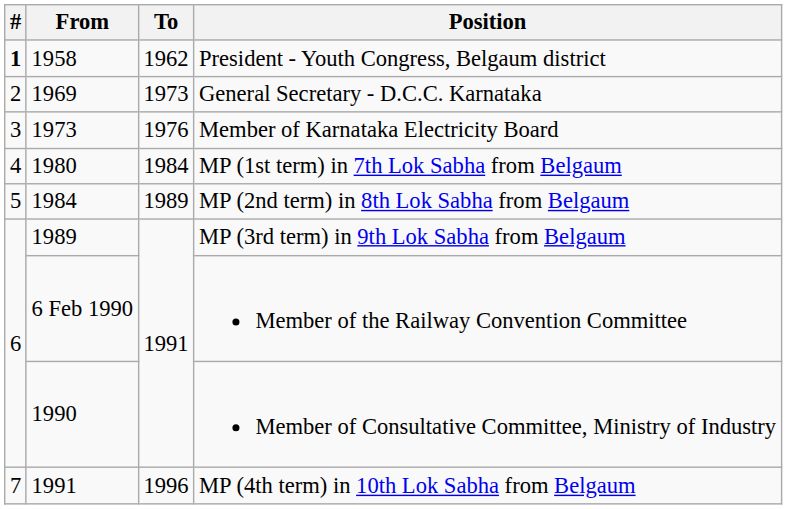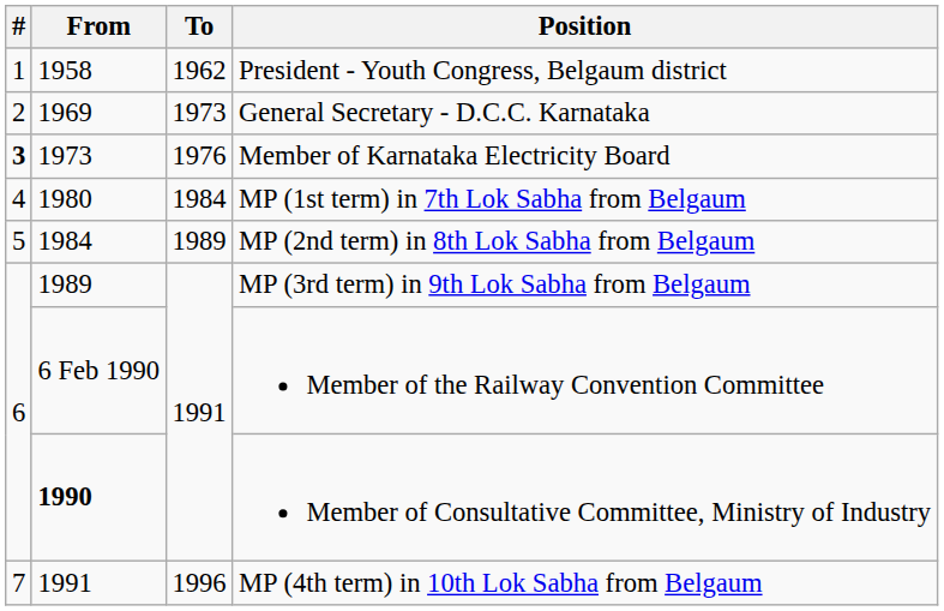 <table class="wikitable">
 <tr>
 <th>#</th>
 <th>From</th>
 <th>To</th>
 <th>Position</th>
 </tr>
 <tr>
-<td><strong>1</strong></td>
+<td>1</td>
 <td>1958</td>
 <td>1962</td>
 <td>President - Youth Congress, Belgaum district</td>
 </tr>
 <tr>
 <td>2</td>
 <td>1969</td>
 <td>1973</td>
 <td>General Secretary - D.C.C. Karnataka</td>
 </tr>
 <tr>
-<td>3</td>
+<td><strong>3</strong></td>
 <td>1973</td>
 <td>1976</td>
 <td>Member of Karnataka Electricity Board</td>
 </tr>
 <tr>
 <td>4</td>
 <td>1980</td>
 <td>1984</td>
 <td>MP (1st term) in <a href='#'>7th Lok Sabha</a> from <a href='#'>Belgaum</a></td>
 </tr>
 <tr>
 <td>5</td>
 <td>1984</td>
 <td>1989</td>
 <td>MP (2nd term) in <a href='#'>8th Lok Sabha</a> from <a href='#'>Belgaum</a></td>
 </tr>
 <tr>
 <td rowspan="3">6</td>
 <td>1989</td>
 <td rowspan="3">1991</td>
 <td>MP (3rd term) in <a href='#'>9th Lok Sabha</a> from <a href='#'>Belgaum</a></td>
 </tr>
 <tr>
 <td>6 Feb 1990</td>
 <td><br><ul><li>Member of the Railway Convention Committee</li></ul></td>
 </tr>
 <tr>
-<td>1990</td>
+<td><strong>1990</strong></td>
 <td><br><ul><li>Member of Consultative Committee, Ministry of Industry</li></ul></td>
 </tr>
 <tr>
 <td>7</td>
 <td>1991</td>
 <td>1996</td>
 <td>MP (4th term) in <a href='#'>10th Lok Sabha</a> from <a href='#'>Belgaum</a></td>
 </tr>
 </table>
